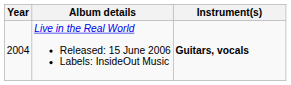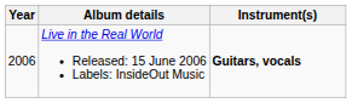 <table class="wikitable">
 <tr>
 <th>Year</th>
 <th>Album details</th>
 <th width=40%>Instrument(s)</th>
 </tr>
 <tr>
-<td>2004</td>
+<td>2006</td>
 <td><em><a href='#'>Live in the Real World</a></em><br><ul><li>Released: 15 June 2006</li><li>Labels: InsideOut Music</li></ul></td>
 <td><strong>Guitars, vocals</strong></td>
 </tr>
 </table>
